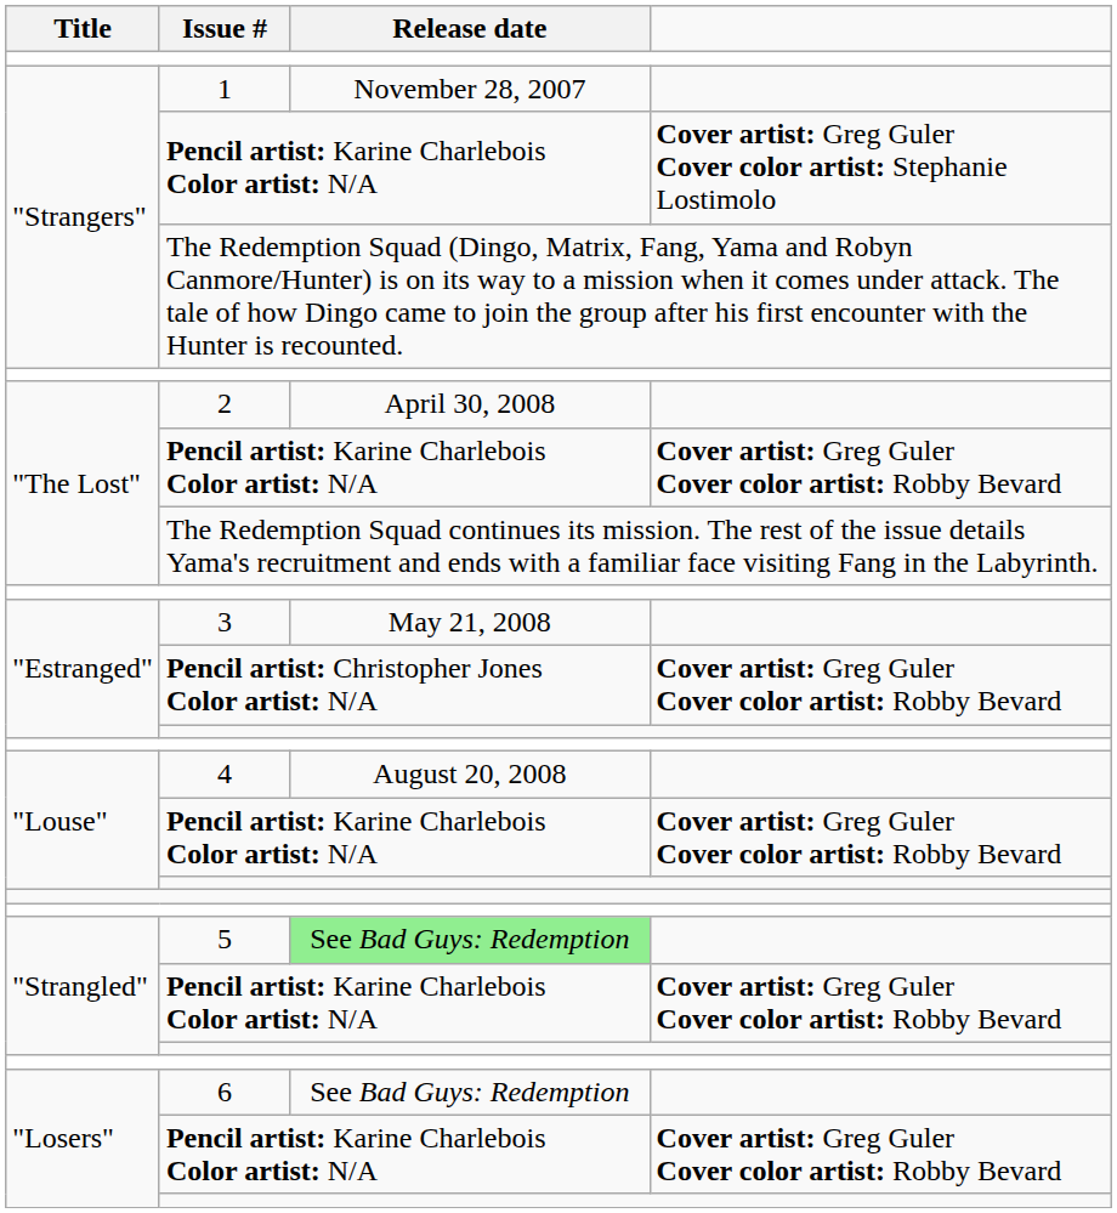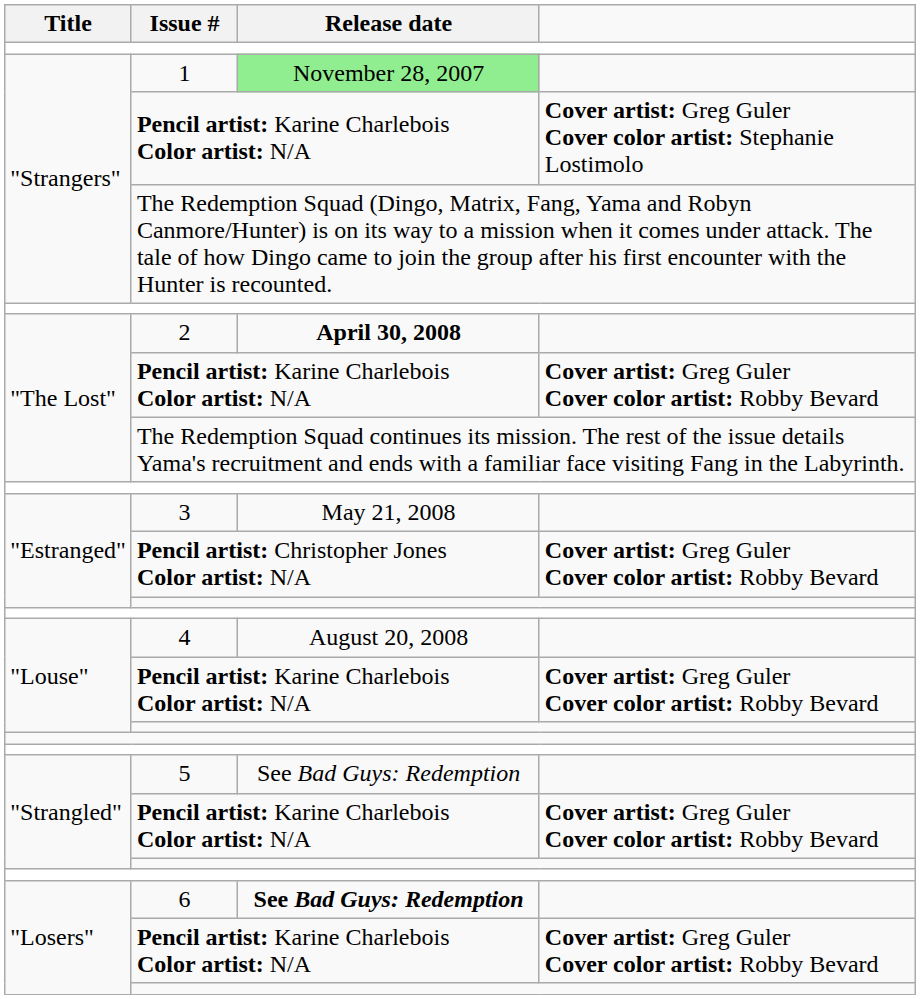 <table class="wikitable">
 <tr>
 <th>Title</th>
 <th>Issue #</th>
 <th>Release date</th>
 </tr>
 <tr>
 <td colspan="6" bgcolor="#FFFFFF"></td>
 </tr>
 <tr>
 <td colspan="1" rowspan="3">"Strangers"</td>
 <td align="center">1</td>
-<td align="center">November 28, 2007</td>
+<td align="center" style="background: lightgreen;">November 28, 2007</td>
 </tr>
 <tr>
 <td colspan="2" rowspan="1"><strong>Pencil artist:</strong> Karine Charlebois<br> <strong>Color artist:</strong> N/A</td>
 <td><strong>Cover artist:</strong> Greg Guler<br> <strong>Cover color artist:</strong> Stephanie Lostimolo</td>
 </tr>
 <tr>
 <td colspan="6">The Redemption Squad (Dingo, Matrix, Fang, Yama and Robyn Canmore/Hunter) is on its way to a mission when it comes under attack.  The tale of how Dingo came to join the group after his first encounter with the Hunter is recounted.</td>
 </tr>
 <tr>
 <td colspan="6" bgcolor="#FFFFFF"></td>
 </tr>
 <tr>
 <td colspan="1" rowspan="3">"The Lost"</td>
 <td align="center">2</td>
-<td align="center">April 30, 2008</td>
+<td align="center"><strong>April 30, 2008</strong></td>
 </tr>
 <tr>
 <td colspan="2" rowspan="1"><strong>Pencil artist:</strong> Karine Charlebois<br> <strong>Color artist:</strong> N/A</td>
 <td><strong>Cover artist:</strong> Greg Guler<br> <strong>Cover color artist:</strong> Robby Bevard</td>
 </tr>
 <tr>
 <td colspan="6">The Redemption Squad continues its mission.  The rest of the issue details Yama's recruitment and ends with a familiar face visiting Fang in the Labyrinth.</td>
 </tr>
 <tr>
 <td colspan="6" bgcolor="#FFFFFF"></td>
 </tr>
 <tr>
 <td colspan="1" rowspan="3">"Estranged"</td>
 <td align="center">3</td>
 <td align="center">May 21, 2008</td>
 </tr>
 <tr>
 <td colspan="2" rowspan="1"><strong>Pencil artist:</strong> Christopher Jones<br> <strong>Color artist:</strong> N/A</td>
 <td><strong>Cover artist:</strong> Greg Guler<br> <strong>Cover color artist:</strong> Robby Bevard</td>
 </tr>
 <tr>
 <td colspan="6"></td>
 </tr>
 <tr>
 <td colspan="6" bgcolor="#FFFFFF"></td>
 </tr>
 <tr>
 <td colspan="1" rowspan="3">"Louse"</td>
 <td align="center">4</td>
 <td align="center">August 20, 2008</td>
 </tr>
 <tr>
 <td colspan="2" rowspan="1"><strong>Pencil artist:</strong> Karine Charlebois<br> <strong>Color artist:</strong> N/A</td>
 <td><strong>Cover artist:</strong> Greg Guler<br> <strong>Cover color artist:</strong> Robby Bevard</td>
 </tr>
 <tr>
 <td colspan="6"></td>
 </tr>
 <tr>
 <td colspan="6"></td>
 </tr>
 <tr>
 <td colspan="6" bgcolor="#FFFFFF"></td>
 </tr>
 <tr>
 <td colspan="1" rowspan="3">"Strangled"</td>
 <td align="center">5</td>
-<td align="center" style="background: lightgreen;">See <em>Bad Guys: Redemption</em></td>
+<td align="center">See <em>Bad Guys: Redemption</em></td>
 </tr>
 <tr>
 <td colspan="2" rowspan="1"><strong>Pencil artist:</strong> Karine Charlebois<br> <strong>Color artist:</strong> N/A</td>
 <td><strong>Cover artist:</strong> Greg Guler<br> <strong>Cover color artist:</strong> Robby Bevard</td>
 </tr>
 <tr>
 <td colspan="6"></td>
 </tr>
 <tr>
 <td colspan="6" bgcolor="#FFFFFF"></td>
 </tr>
 <tr>
 <td colspan="1" rowspan="3">"Losers"</td>
 <td align="center">6</td>
-<td align="center">See <em>Bad Guys: Redemption</em></td>
+<td align="center"><strong>See <em>Bad Guys: Redemption</em></strong></td>
 </tr>
 <tr>
 <td colspan="2" rowspan="1"><strong>Pencil artist:</strong> Karine Charlebois<br> <strong>Color artist:</strong> N/A</td>
 <td><strong>Cover artist:</strong> Greg Guler<br> <strong>Cover color artist:</strong> Robby Bevard</td>
 </tr>
 <tr>
 <td colspan="6"></td>
 </tr>
 </table>
